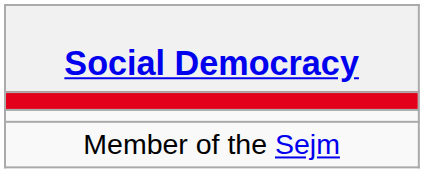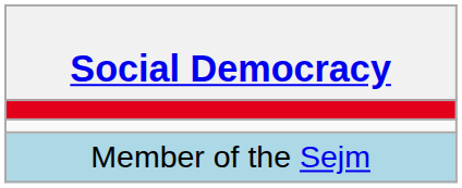 <table class="wikitable" style="font-size:90%; text-align:center;">
 <tr>
 <td style="background:#f1f1f1;" colspan="30"><br><big><strong><a href='#'>Social Democracy</a></strong></big></td>
 </tr>
 <tr>
 <th style="width:3em; font-size:135%; background:#E2001A ; width:200px;"><a href='#'></a></th>
 </tr>
 <tr>
 <td style="text-align:center"></td>
 </tr>
 <tr>
-<td>Member of the <a href='#'>Sejm</a><br></td>
+<td style="background: lightblue;">Member of the <a href='#'>Sejm</a><br></td>
 </tr>
 </table>
